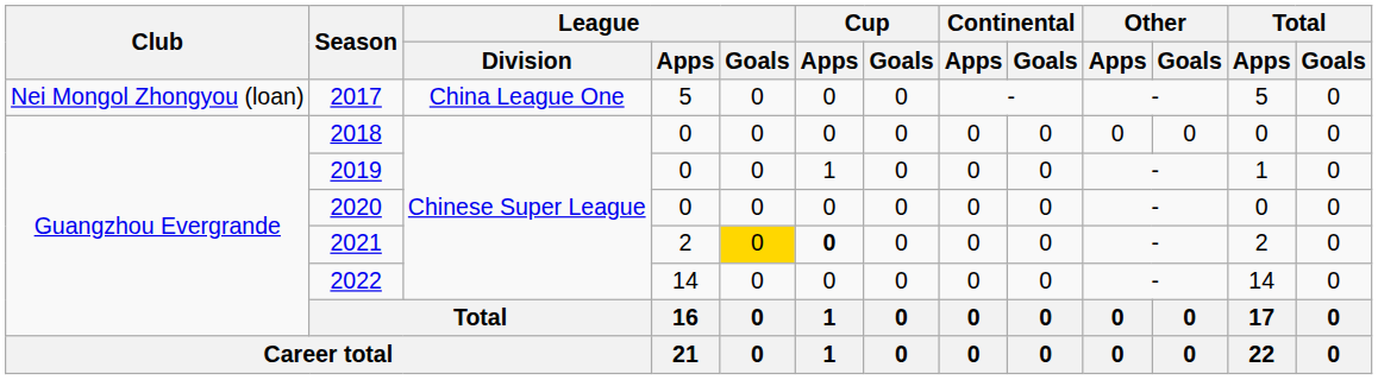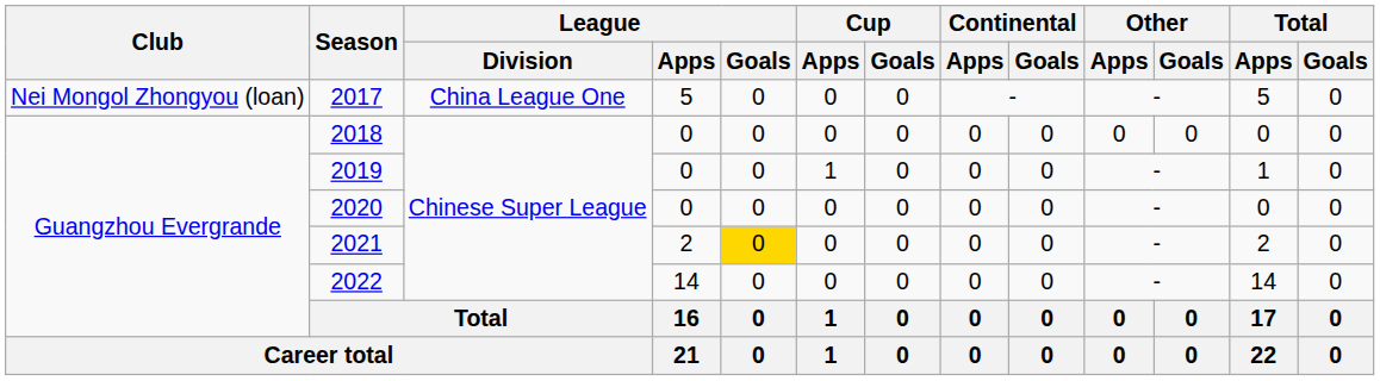 <table class="wikitable" style="text-align: center">
 <tr>
 <th rowspan="2">Club</th>
 <th rowspan="2">Season</th>
 <th colspan="3">League</th>
 <th colspan="2">Cup</th>
 <th colspan="2">Continental</th>
 <th colspan="2">Other</th>
 <th colspan="2">Total</th>
 </tr>
 <tr>
 <th>Division</th>
 <th>Apps</th>
 <th>Goals</th>
 <th>Apps</th>
 <th>Goals</th>
 <th>Apps</th>
 <th>Goals</th>
 <th>Apps</th>
 <th>Goals</th>
 <th>Apps</th>
 <th>Goals</th>
 </tr>
 <tr>
 <td><a href='#'>Nei Mongol Zhongyou</a> (loan)</td>
 <td><a href='#'>2017</a></td>
 <td><a href='#'>China League One</a></td>
 <td>5</td>
 <td>0</td>
 <td>0</td>
 <td>0</td>
 <td colspan="2">-</td>
 <td colspan="2">-</td>
 <td>5</td>
 <td>0</td>
 </tr>
 <tr>
 <td rowspan="6"><a href='#'>Guangzhou Evergrande</a></td>
 <td><a href='#'>2018</a></td>
 <td rowspan="5"><a href='#'>Chinese Super League</a></td>
 <td>0</td>
 <td>0</td>
 <td>0</td>
 <td>0</td>
 <td>0</td>
 <td>0</td>
 <td>0</td>
 <td>0</td>
 <td>0</td>
 <td>0</td>
 </tr>
 <tr>
 <td><a href='#'>2019</a></td>
 <td>0</td>
 <td>0</td>
 <td>1</td>
 <td>0</td>
 <td>0</td>
 <td>0</td>
 <td colspan="2">-</td>
 <td>1</td>
 <td>0</td>
 </tr>
 <tr>
 <td><a href='#'>2020</a></td>
 <td>0</td>
 <td>0</td>
 <td>0</td>
 <td>0</td>
 <td>0</td>
 <td>0</td>
 <td colspan="2">-</td>
 <td>0</td>
 <td>0</td>
 </tr>
 <tr>
 <td><a href='#'>2021</a></td>
 <td>2</td>
 <td style="background: gold;">0</td>
-<td><strong>0</strong></td>
+<td>0</td>
 <td>0</td>
 <td>0</td>
 <td>0</td>
 <td colspan="2">-</td>
 <td>2</td>
 <td>0</td>
 </tr>
 <tr>
 <td><a href='#'>2022</a></td>
 <td>14</td>
 <td>0</td>
 <td>0</td>
 <td>0</td>
 <td>0</td>
 <td>0</td>
 <td colspan="2">-</td>
 <td>14</td>
 <td>0</td>
 </tr>
 <tr>
 <th colspan="2"><strong>Total</strong></th>
 <th>16</th>
 <th>0</th>
 <th>1</th>
 <th>0</th>
 <th>0</th>
 <th>0</th>
 <th>0</th>
 <th>0</th>
 <th>17</th>
 <th>0</th>
 </tr>
 <tr>
 <th colspan=3>Career total</th>
 <th>21</th>
 <th>0</th>
 <th>1</th>
 <th>0</th>
 <th>0</th>
 <th>0</th>
 <th>0</th>
 <th>0</th>
 <th>22</th>
 <th>0</th>
 </tr>
 </table>
